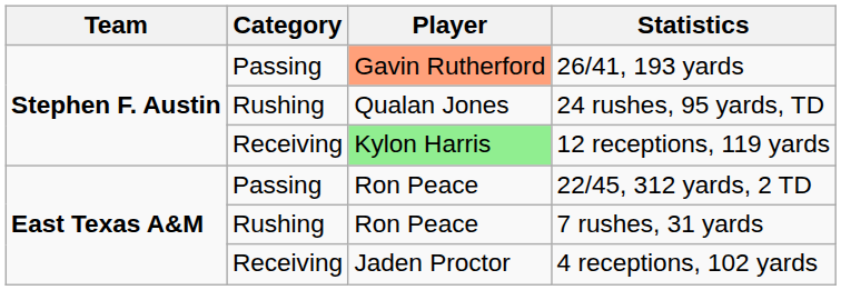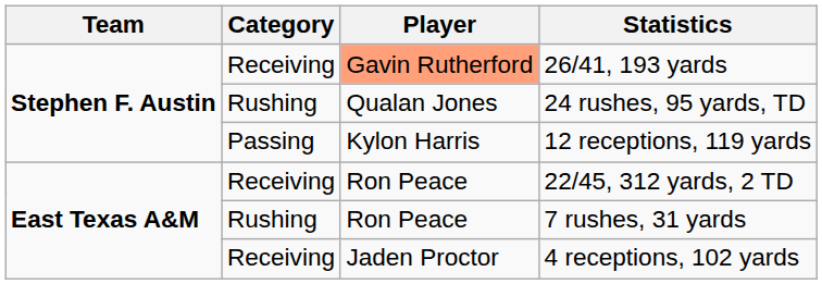 <table class="wikitable" style="float: right;">
 <tr>
 <th>Team</th>
 <th>Category</th>
 <th>Player</th>
 <th>Statistics</th>
 </tr>
 <tr>
 <td rowspan=3><strong>Stephen F. Austin</strong></td>
-<td>Passing</td>
+<td>Receiving</td>
 <td style="background: lightsalmon;">Gavin Rutherford</td>
 <td>26/41, 193 yards</td>
 </tr>
 <tr>
 <td>Rushing</td>
 <td>Qualan Jones</td>
 <td>24 rushes, 95 yards, TD</td>
 </tr>
 <tr>
-<td>Receiving</td>
-<td style="background: lightgreen;">Kylon Harris</td>
+<td>Passing</td>
+<td>Kylon Harris</td>
 <td>12 receptions, 119 yards</td>
 </tr>
 <tr>
 <td rowspan=3><strong>East Texas A&M</strong></td>
-<td>Passing</td>
+<td>Receiving</td>
 <td>Ron Peace</td>
 <td>22/45, 312 yards, 2 TD</td>
 </tr>
 <tr>
 <td>Rushing</td>
 <td>Ron Peace</td>
 <td>7 rushes, 31 yards</td>
 </tr>
 <tr>
 <td>Receiving</td>
 <td>Jaden Proctor</td>
 <td>4 receptions, 102 yards</td>
 </tr>
 </table>
